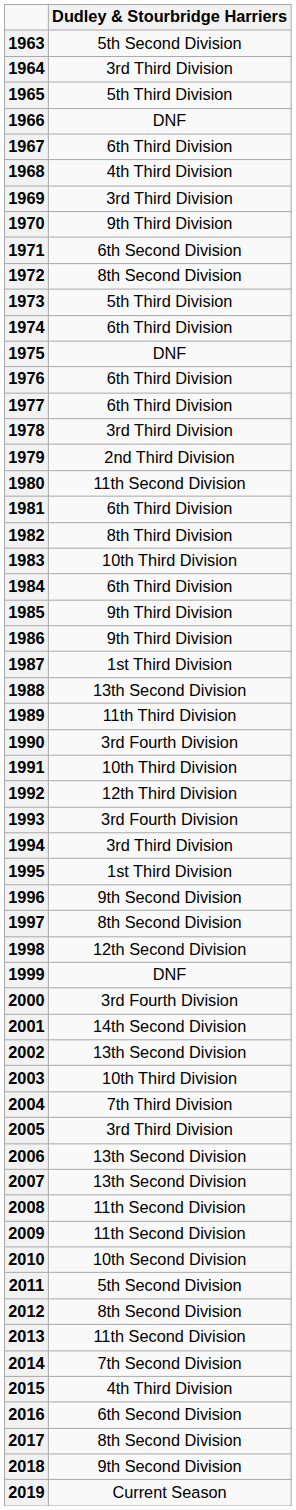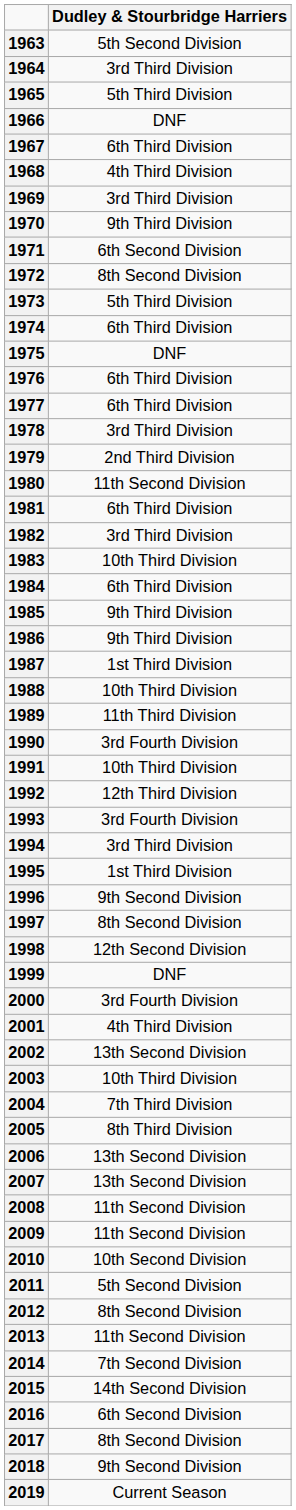 <table class="wikitable mw-collapsible mw-collapsed" style="text-align: center;">
 <tr>
 <td></td>
 <th scope="col">Dudley & Stourbridge Harriers</th>
 </tr>
 <tr>
 <th scope="row">1963</th>
 <td>5th Second Division</td>
 </tr>
 <tr>
 <th scope="row">1964</th>
 <td>3rd Third Division</td>
 </tr>
 <tr>
 <th scope="row">1965</th>
 <td>5th Third Division</td>
 </tr>
 <tr>
 <th scope="row">1966</th>
 <td>DNF</td>
 </tr>
 <tr>
 <th scope="row">1967</th>
 <td>6th Third Division</td>
 </tr>
 <tr>
 <th scope="row">1968</th>
 <td>4th Third Division</td>
 </tr>
 <tr>
 <th scope="row">1969</th>
 <td>3rd Third Division</td>
 </tr>
 <tr>
 <th scope="row">1970</th>
 <td>9th Third Division</td>
 </tr>
 <tr>
 <th scope="row">1971</th>
 <td>6th Second Division</td>
 </tr>
 <tr>
 <th scope="row">1972</th>
 <td>8th Second Division</td>
 </tr>
 <tr>
 <th scope="row">1973</th>
 <td>5th Third Division</td>
 </tr>
 <tr>
 <th scope="row">1974</th>
 <td>6th Third Division</td>
 </tr>
 <tr>
 <th scope="row">1975</th>
 <td>DNF</td>
 </tr>
 <tr>
 <th scope="row">1976</th>
 <td>6th Third Division</td>
 </tr>
 <tr>
 <th scope="row">1977</th>
 <td>6th Third Division</td>
 </tr>
 <tr>
 <th scope="row">1978</th>
 <td>3rd Third Division</td>
 </tr>
 <tr>
 <th scope="row">1979</th>
 <td>2nd Third Division</td>
 </tr>
 <tr>
 <th scope="row">1980</th>
 <td>11th Second Division</td>
 </tr>
 <tr>
 <th scope="row">1981</th>
 <td>6th Third Division</td>
 </tr>
 <tr>
 <th scope="row">1982</th>
-<td>8th Third Division</td>
+<td>3rd Third Division</td>
 </tr>
 <tr>
 <th scope="row">1983</th>
 <td>10th Third Division</td>
 </tr>
 <tr>
 <th scope="row">1984</th>
 <td>6th Third Division</td>
 </tr>
 <tr>
 <th scope="row">1985</th>
 <td>9th Third Division</td>
 </tr>
 <tr>
 <th scope="row">1986</th>
 <td>9th Third Division</td>
 </tr>
 <tr>
 <th scope="row">1987</th>
 <td>1st Third Division</td>
 </tr>
 <tr>
 <th scope="row">1988</th>
-<td>13th Second Division</td>
+<td>10th Third Division</td>
 </tr>
 <tr>
 <th scope="row">1989</th>
 <td>11th Third Division</td>
 </tr>
 <tr>
 <th scope="row">1990</th>
 <td>3rd Fourth Division</td>
 </tr>
 <tr>
 <th scope="row">1991</th>
 <td>10th Third Division</td>
 </tr>
 <tr>
 <th scope="row">1992</th>
 <td>12th Third Division</td>
 </tr>
 <tr>
 <th scope="row">1993</th>
 <td>3rd Fourth Division</td>
 </tr>
 <tr>
 <th scope="row">1994</th>
 <td>3rd Third Division</td>
 </tr>
 <tr>
 <th scope="row">1995</th>
 <td>1st Third Division</td>
 </tr>
 <tr>
 <th scope="row">1996</th>
 <td>9th Second Division</td>
 </tr>
 <tr>
 <th scope="row">1997</th>
 <td>8th Second Division</td>
 </tr>
 <tr>
 <th scope="row">1998</th>
 <td>12th Second Division</td>
 </tr>
 <tr>
 <th scope="row">1999</th>
 <td>DNF</td>
 </tr>
 <tr>
 <th scope="row">2000</th>
 <td>3rd Fourth Division</td>
 </tr>
 <tr>
 <th scope="row">2001</th>
-<td>14th Second Division</td>
+<td>4th Third Division</td>
 </tr>
 <tr>
 <th scope="row">2002</th>
 <td>13th Second Division</td>
 </tr>
 <tr>
 <th scope="row">2003</th>
 <td>10th Third Division</td>
 </tr>
 <tr>
 <th scope="row">2004</th>
 <td>7th Third Division</td>
 </tr>
 <tr>
 <th scope="row">2005</th>
-<td>3rd Third Division</td>
+<td>8th Third Division</td>
 </tr>
 <tr>
 <th scope="row">2006</th>
 <td>13th Second Division</td>
 </tr>
 <tr>
 <th scope="row">2007</th>
 <td>13th Second Division</td>
 </tr>
 <tr>
 <th scope="row">2008</th>
 <td>11th Second Division</td>
 </tr>
 <tr>
 <th scope="row">2009</th>
 <td>11th Second Division</td>
 </tr>
 <tr>
 <th scope="row">2010</th>
 <td>10th Second Division</td>
 </tr>
 <tr>
 <th scope="row">2011</th>
 <td>5th Second Division</td>
 </tr>
 <tr>
 <th scope="row">2012</th>
 <td>8th Second Division</td>
 </tr>
 <tr>
 <th scope="row">2013</th>
 <td>11th Second Division</td>
 </tr>
 <tr>
 <th scope="row">2014</th>
 <td>7th Second Division</td>
 </tr>
 <tr>
 <th scope="row">2015</th>
-<td>4th Third Division</td>
+<td>14th Second Division</td>
 </tr>
 <tr>
 <th scope="row">2016</th>
 <td>6th Second Division</td>
 </tr>
 <tr>
 <th scope="row">2017</th>
 <td>8th Second Division</td>
 </tr>
 <tr>
 <th scope="row">2018</th>
 <td>9th Second Division</td>
 </tr>
 <tr>
 <th scope="row">2019</th>
 <td>Current Season</td>
 </tr>
 </table>
